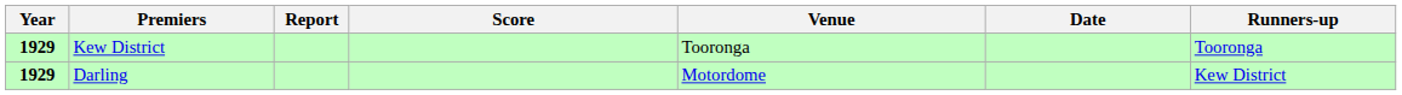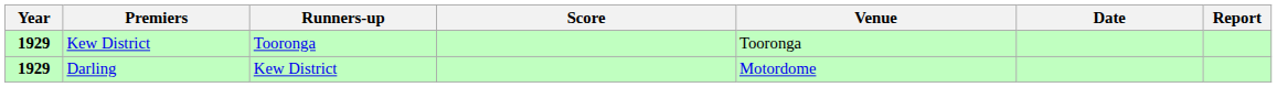 <table class="wikitable sortable" style="text-align:left; text-valign:center">
 <tr>
 <th width=3%>Year</th>
 <th width=10%>Premiers</th>
-<th width=2%; class=unsortable>Report</th>
+<th width=10%>Runners-up</th>
 <th width=16%>Score</th>
 <th width=15%>Venue</th>
 <th width=10%; class=unsortable>Date</th>
-<th width=10%>Runners-up</th>
+<th width=2%; class=unsortable>Report</th>
 </tr>
 <tr style="background:#C0FFC0;">
 <td align="center"><strong>1929</strong></td>
 <td><a href='#'>Kew District</a></td>
-<td align=center></td>
+<td><a href='#'>Tooronga</a></td>
 <td align=center></td>
 <td>Tooronga</td>
 <td></td>
-<td><a href='#'>Tooronga</a></td>
+<td align=center></td>
 </tr>
 <tr style="background:#C0FFC0;">
 <td align="center"><strong>1929</strong></td>
 <td><a href='#'>Darling</a></td>
-<td align=center></td>
+<td><a href='#'>Kew District</a></td>
 <td align=center></td>
 <td><a href='#'>Motordome</a></td>
 <td></td>
-<td><a href='#'>Kew District</a></td>
+<td align=center></td>
 </tr>
 </table>
